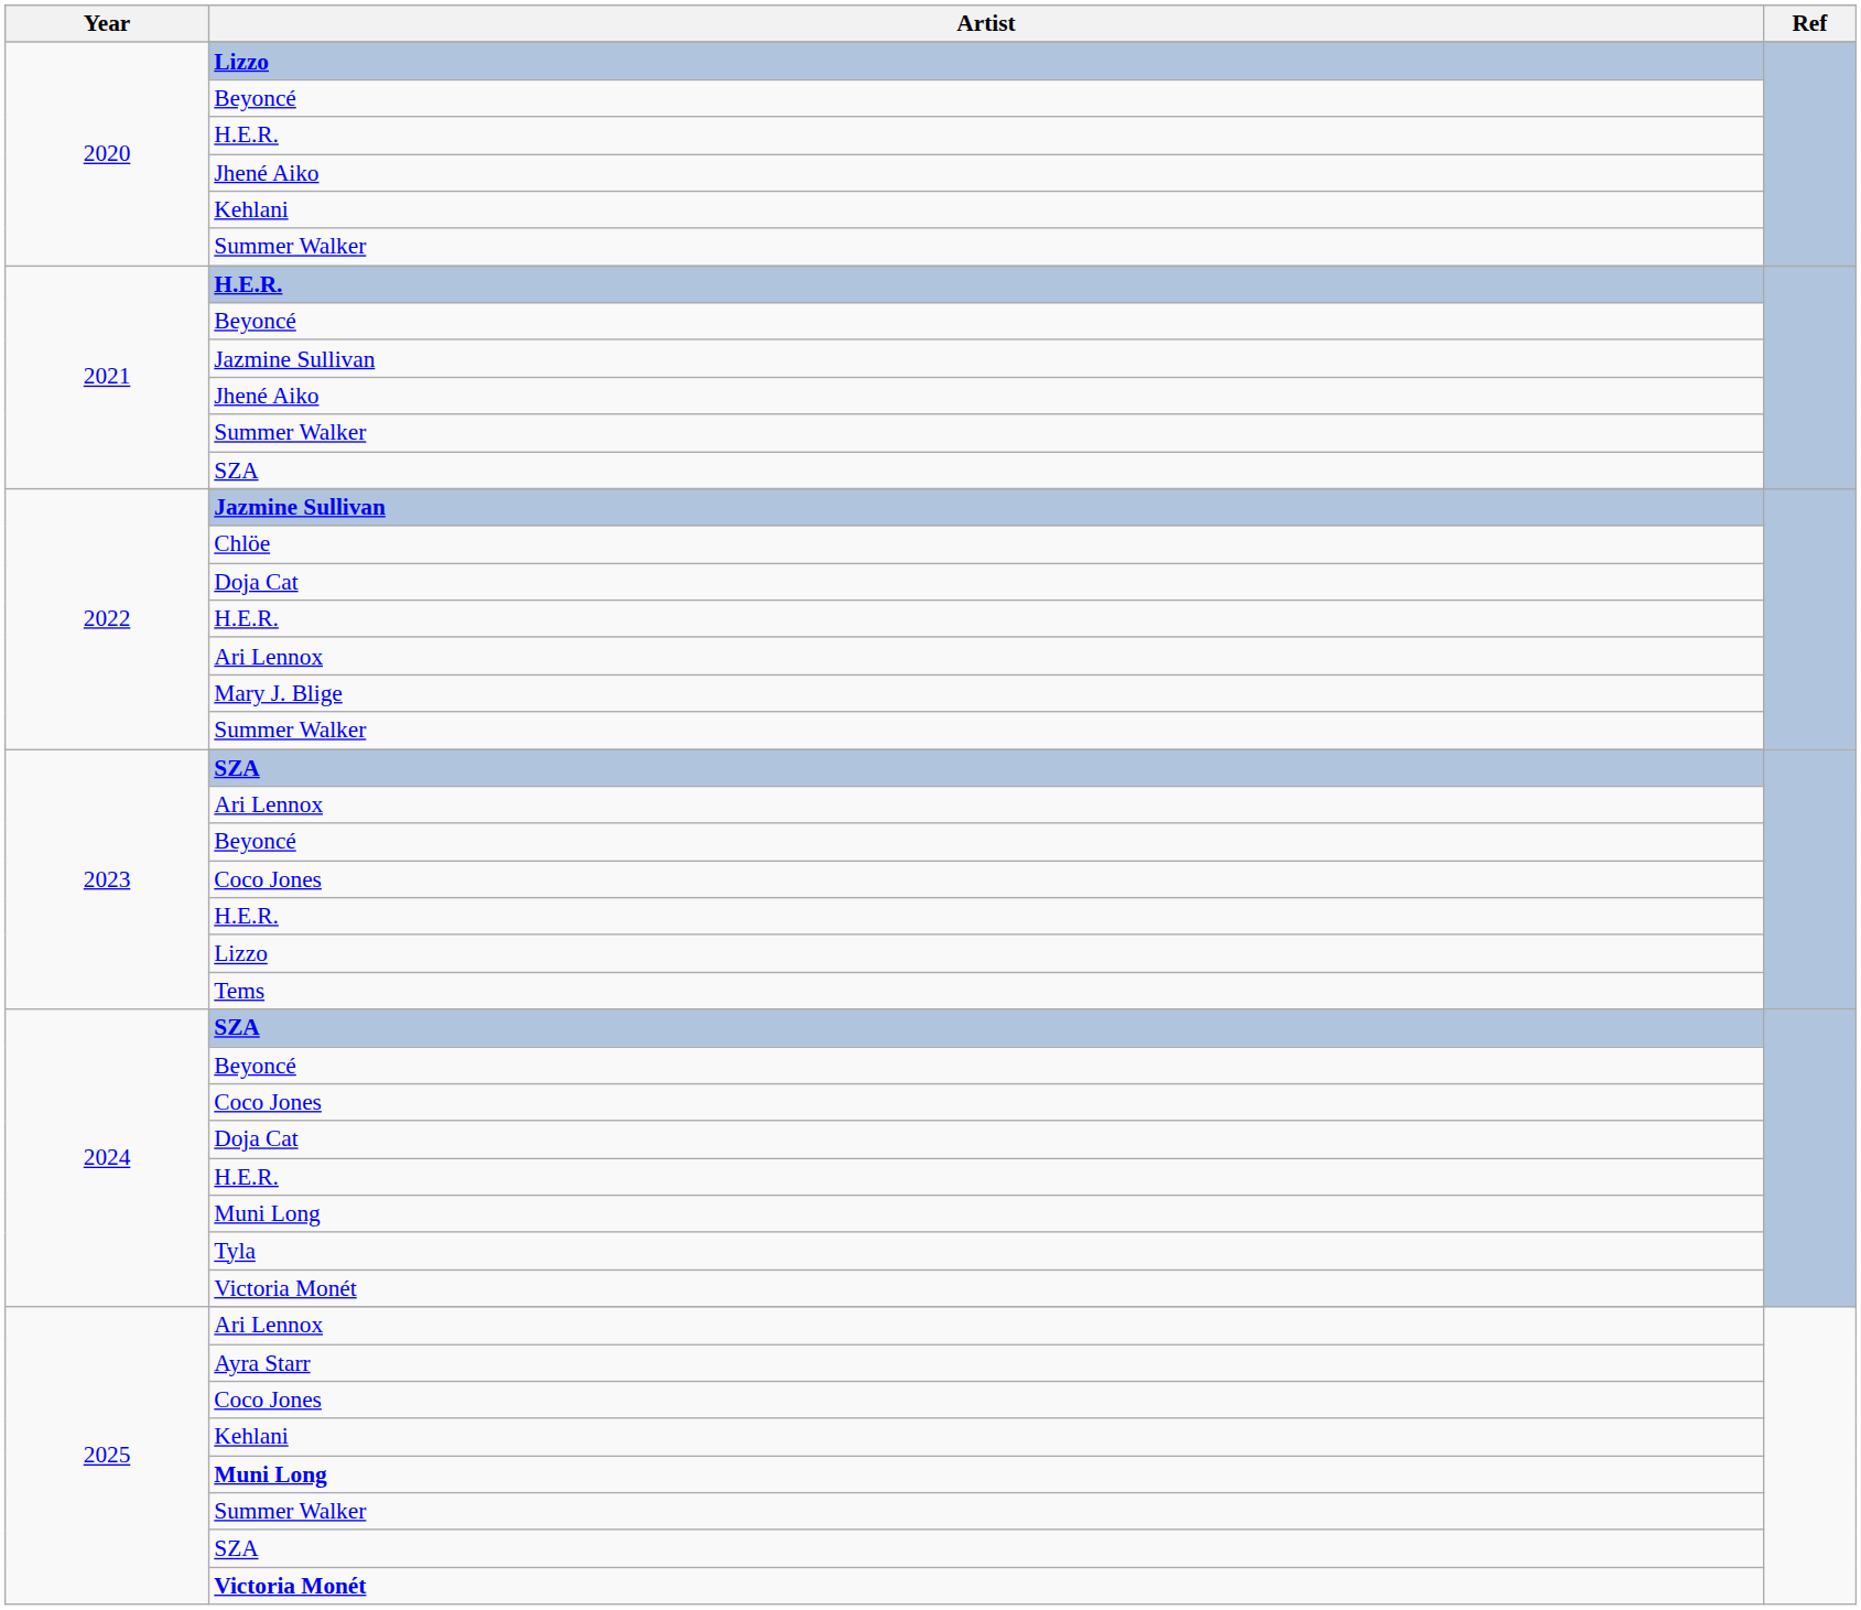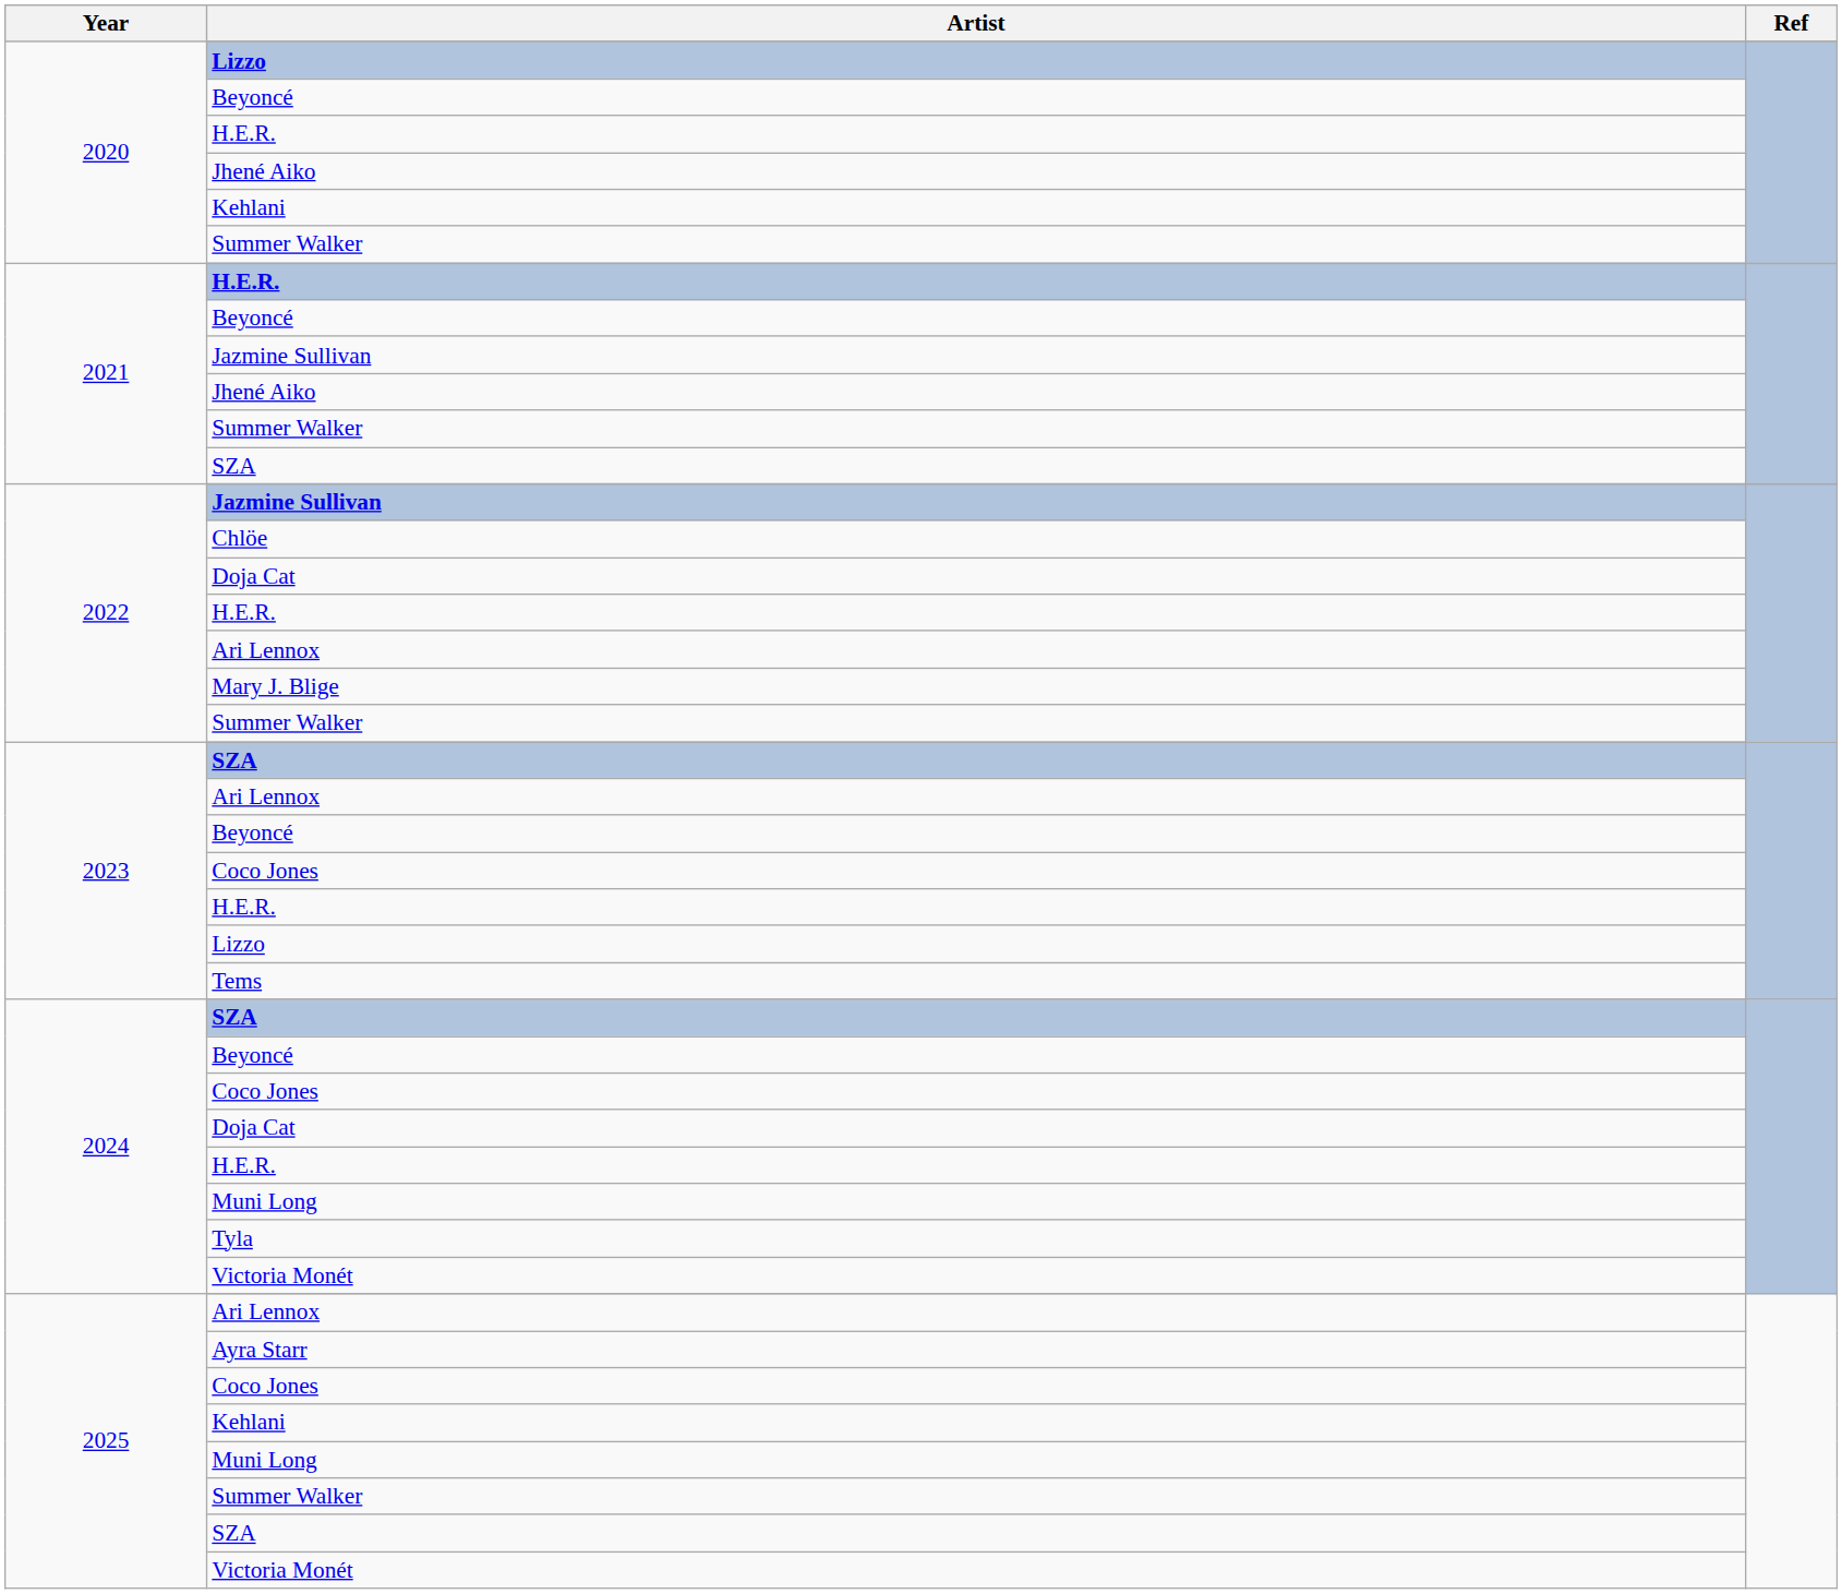 <table class="wikitable" style="width:100%;">
 <tr style="background:#bebebe;">
 <th style="width:11%;">Year</th>
 <th style="width:84%;">Artist</th>
 <th style="width:5%;">Ref</th>
 </tr>
 <tr>
 <td rowspan="7" align="center"><a href='#'>2020</a></td>
 </tr>
 <tr style="background:#B0C4DE">
 <td><strong><a href='#'>Lizzo</a></strong></td>
 <td rowspan="6" align="center"></td>
 </tr>
 <tr>
 <td><a href='#'>Beyoncé</a></td>
 </tr>
 <tr>
 <td><a href='#'>H.E.R.</a></td>
 </tr>
 <tr>
 <td><a href='#'>Jhené Aiko</a></td>
 </tr>
 <tr>
 <td><a href='#'>Kehlani</a></td>
 </tr>
 <tr>
 <td><a href='#'>Summer Walker</a></td>
 </tr>
 <tr>
 <td rowspan="7" align="center"><a href='#'>2021</a></td>
 </tr>
 <tr style="background:#B0C4DE">
 <td><strong><a href='#'>H.E.R.</a></strong></td>
 <td rowspan="6" align="center"></td>
 </tr>
 <tr>
 <td><a href='#'>Beyoncé</a></td>
 </tr>
 <tr>
 <td><a href='#'>Jazmine Sullivan</a></td>
 </tr>
 <tr>
 <td><a href='#'>Jhené Aiko</a></td>
 </tr>
 <tr>
 <td><a href='#'>Summer Walker</a></td>
 </tr>
 <tr>
 <td><a href='#'>SZA</a></td>
 </tr>
 <tr>
 <td rowspan ="8" align="center"><a href='#'>2022</a></td>
 </tr>
 <tr style="background:#B0C4DE">
 <td><strong><a href='#'>Jazmine Sullivan</a></strong></td>
 <td rowspan="8" align="center"></td>
 </tr>
 <tr>
 <td><a href='#'>Chlöe</a></td>
 </tr>
 <tr>
 <td><a href='#'>Doja Cat</a></td>
 </tr>
 <tr>
 <td><a href='#'>H.E.R.</a></td>
 </tr>
 <tr>
 <td><a href='#'>Ari Lennox</a></td>
 </tr>
 <tr>
 <td><a href='#'>Mary J. Blige</a></td>
 </tr>
 <tr>
 <td><a href='#'>Summer Walker</a></td>
 </tr>
 <tr>
 <td rowspan ="8" align="center"><a href='#'>2023</a></td>
 </tr>
 <tr style="background:#B0C4DE">
 <td><strong><a href='#'>SZA</a></strong></td>
 <td rowspan="8" align="center"></td>
 </tr>
 <tr>
 <td><a href='#'>Ari Lennox</a></td>
 </tr>
 <tr>
 <td><a href='#'>Beyoncé</a></td>
 </tr>
 <tr>
 <td><a href='#'>Coco Jones</a></td>
 </tr>
 <tr>
 <td><a href='#'>H.E.R.</a></td>
 </tr>
 <tr>
 <td><a href='#'>Lizzo</a></td>
 </tr>
 <tr>
 <td><a href='#'>Tems</a></td>
 </tr>
 <tr>
 <td rowspan="9" align="center"><a href='#'>2024</a></td>
 </tr>
 <tr style="background:#B0C4DE">
 <td><strong><a href='#'>SZA</a></strong></td>
 <td rowspan="9" align="center"></td>
 </tr>
 <tr>
 <td><a href='#'>Beyoncé</a></td>
 </tr>
 <tr>
 <td><a href='#'>Coco Jones</a></td>
 </tr>
 <tr>
 <td><a href='#'>Doja Cat</a></td>
 </tr>
 <tr>
 <td><a href='#'>H.E.R.</a></td>
 </tr>
 <tr>
 <td><a href='#'>Muni Long</a></td>
 </tr>
 <tr>
 <td><a href='#'>Tyla</a></td>
 </tr>
 <tr>
 <td><a href='#'>Victoria Monét</a></td>
 </tr>
 <tr>
 <td rowspan="9" align="center"><a href='#'>2025</a></td>
 </tr>
 <tr>
 <td><a href='#'>Ari Lennox</a></td>
 <td rowspan="9" align="center"></td>
 </tr>
 <tr>
 <td><a href='#'>Ayra Starr</a></td>
 </tr>
 <tr>
 <td><a href='#'>Coco Jones</a></td>
 </tr>
 <tr>
 <td><a href='#'>Kehlani</a></td>
 </tr>
 <tr>
-<td><strong><a href='#'>Muni Long</a></strong></td>
+<td><a href='#'>Muni Long</a></td>
 </tr>
 <tr>
 <td><a href='#'>Summer Walker</a></td>
 </tr>
 <tr>
 <td><a href='#'>SZA</a></td>
 </tr>
 <tr>
-<td><strong><a href='#'>Victoria Monét</a></strong></td>
+<td><a href='#'>Victoria Monét</a></td>
 </tr>
 </table>
